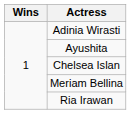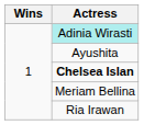 <table class="wikitable" style="text-align:center;">
 <tr>
 <th scope="col" width="55">Wins</th>
 <th scope="col" align="center">Actress</th>
 </tr>
 <tr>
 <td rowspan="5">1</td>
-<td>Adinia Wirasti</td>
+<td style="background: paleturquoise;">Adinia Wirasti</td>
 </tr>
 <tr>
 <td>Ayushita</td>
 </tr>
 <tr>
-<td>Chelsea Islan</td>
+<td><strong>Chelsea Islan</strong></td>
 </tr>
 <tr>
 <td>Meriam Bellina</td>
 </tr>
 <tr>
 <td>Ria Irawan</td>
 </tr>
 </table>
